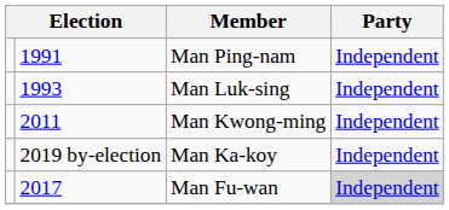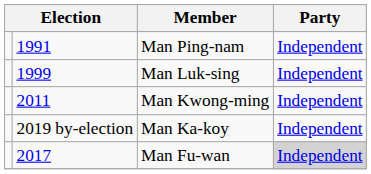 <table class="wikitable">
 <tr>
 <th colspan="2">Election</th>
 <th>Member</th>
 <th>Party</th>
 </tr>
 <tr>
 <td style="background-color: "></td>
 <td><a href='#'>1991</a></td>
 <td>Man Ping-nam</td>
 <td><a href='#'>Independent</a></td>
 </tr>
 <tr>
 <td style="background-color: "></td>
-<td><a href='#'>1993</a></td>
+<td><a href='#'>1999</a></td>
 <td>Man Luk-sing</td>
 <td><a href='#'>Independent</a></td>
 </tr>
 <tr>
 <td style="background-color: "></td>
 <td><a href='#'>2011</a></td>
 <td>Man Kwong-ming</td>
 <td><a href='#'>Independent</a></td>
 </tr>
 <tr>
 <td style="background-color: "></td>
 <td>2019 by-election</td>
 <td>Man Ka-koy</td>
 <td><a href='#'>Independent</a></td>
 </tr>
 <tr>
 <td style="background-color: "></td>
 <td><a href='#'>2017</a></td>
 <td>Man Fu-wan</td>
 <td style="background: lightgrey;"><a href='#'>Independent</a></td>
 </tr>
 <tr>
 </tr>
 </table>
